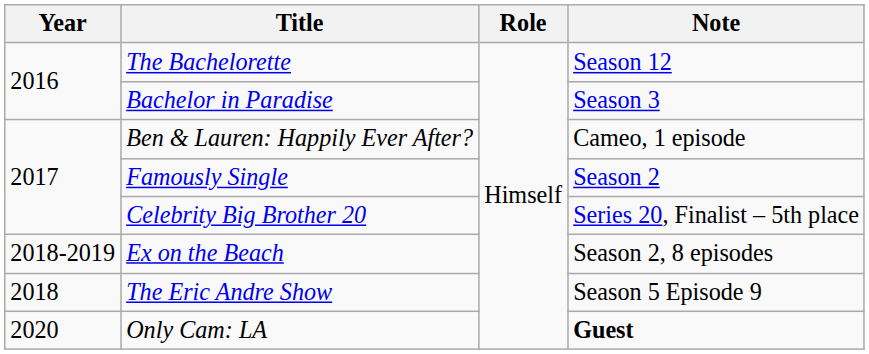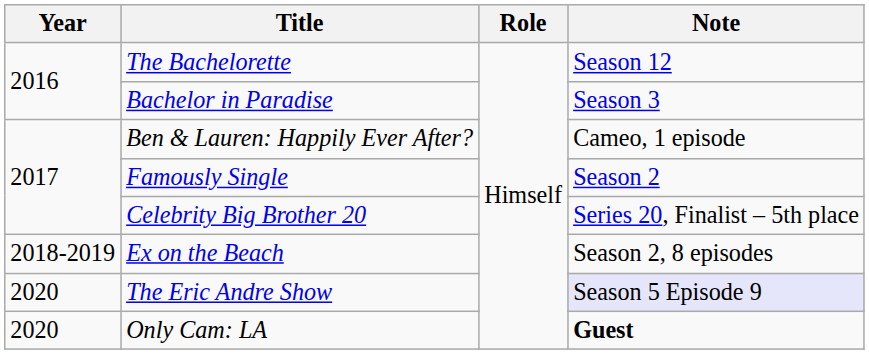 <table class="wikitable">
 <tr>
 <th>Year</th>
 <th>Title</th>
 <th>Role</th>
 <th>Note</th>
 </tr>
 <tr>
 <td rowspan=2>2016</td>
 <td><em><a href='#'>The Bachelorette</a></em></td>
 <td rowspan="8”">Himself</td>
 <td><a href='#'>Season 12</a></td>
 </tr>
 <tr>
 <td><em><a href='#'>Bachelor in Paradise</a></em></td>
 <td><a href='#'>Season 3</a></td>
 </tr>
 <tr>
 <td rowspan=3>2017</td>
 <td><em>Ben & Lauren: Happily Ever After?</em></td>
 <td>Cameo, 1 episode</td>
 </tr>
 <tr>
 <td><em><a href='#'>Famously Single</a></em></td>
 <td><a href='#'>Season 2</a></td>
 </tr>
 <tr>
 <td><em><a href='#'>Celebrity Big Brother 20</a></em></td>
 <td><a href='#'>Series 20</a>, Finalist – 5th place</td>
 </tr>
 <tr>
 <td>2018-2019</td>
 <td><em><a href='#'>Ex on the Beach</a></em></td>
 <td>Season 2, 8 episodes</td>
 </tr>
 <tr>
-<td>2018</td>
+<td>2020</td>
 <td><em><a href='#'>The Eric Andre Show</a></em></td>
-<td>Season 5 Episode 9</td>
+<td style="background: lavender;">Season 5 Episode 9</td>
 </tr>
 <tr>
 <td>2020</td>
 <td><em>Only Cam: LA</em></td>
 <td><strong>Guest</strong></td>
 </tr>
 </table>
